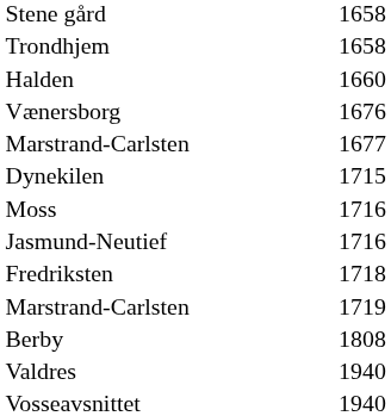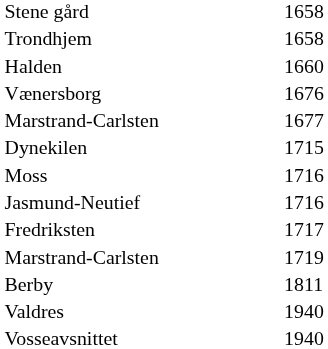 <table class="toccolours" style="float: auto; clear: right; margin: 0 0 0.5em 1em;" width="300px">
 <tr style="vertical-align: top;">
 <td>Stene gård</td>
 <td width="24%">1658</td>
 </tr>
 <tr style="vertical-align: top;">
 <td>Trondhjem</td>
 <td width="24%">1658</td>
 </tr>
 <tr style="vertical-align: top;">
 <td>Halden</td>
 <td width="24%">1660</td>
 </tr>
 <tr style="vertical-align: top;">
 <td>Vænersborg</td>
 <td width="24%">1676</td>
 </tr>
 <tr style="vertical-align: top;">
 <td>Marstrand-Carlsten</td>
 <td width="24%">1677</td>
 </tr>
 <tr style="vertical-align: top;">
 <td>Dynekilen</td>
 <td width="24%">1715</td>
 </tr>
 <tr style="vertical-align: top;">
 <td>Moss</td>
 <td width="24%">1716</td>
 </tr>
 <tr style="vertical-align: top;">
 <td>Jasmund-Neutief</td>
 <td width="24%">1716</td>
 </tr>
 <tr style="vertical-align: top;">
 <td>Fredriksten</td>
-<td width="24%">1718</td>
+<td width="24%">1717</td>
 </tr>
 <tr style="vertical-align: top;">
 <td>Marstrand-Carlsten</td>
 <td width="24%">1719</td>
 </tr>
 <tr style="vertical-align: top;">
 <td>Berby</td>
-<td width="24%">1808</td>
+<td width="24%">1811</td>
 </tr>
 <tr style="vertical-align: top;">
 <td>Valdres</td>
 <td width="24%">1940</td>
 </tr>
 <tr style="vertical-align: top;">
 <td>Vosseavsnittet</td>
 <td width="24%">1940</td>
 </tr>
 <tr style="vertical-align: top;">
 </tr>
 </table>
